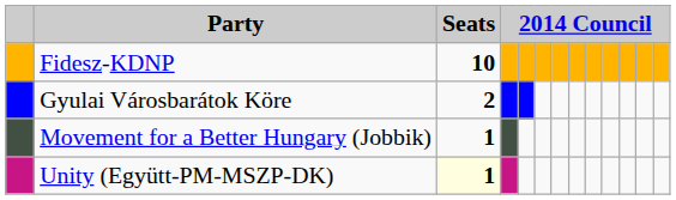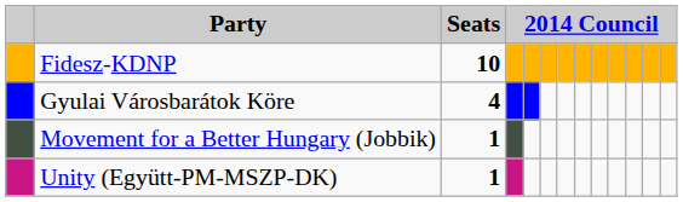 <table class="wikitable">
 <tr>
 <th style="background:#ccc">   </th>
 <th style="background:#ccc">Party</th>
 <th style="background:#ccc">Seats</th>
 <th style="background:#ccc" colspan="11"><a href='#'>2014 Council</a></th>
 </tr>
 <tr>
 <td style="background-color: #FFB400"> </td>
 <td><a href='#'>Fidesz</a>-<a href='#'>KDNP</a></td>
 <td style="text-align: right"><strong>10</strong></td>
 <td style="background-color: #FFB400"> </td>
 <td style="background-color: #FFB400"> </td>
 <td style="background-color: #FFB400"> </td>
 <td style="background-color: #FFB400"> </td>
 <td style="background-color: #FFB400"> </td>
 <td style="background-color: #FFB400"> </td>
 <td style="background-color: #FFB400"> </td>
 <td style="background-color: #FFB400"> </td>
 <td style="background-color: #FFB400"> </td>
 <td style="background-color: #FFB400"> </td>
 </tr>
 <tr>
 <td style="background-color: #0000FF"> </td>
 <td>Gyulai Városbarátok Köre</td>
-<td style="text-align: right"><strong>2</strong></td>
+<td style="text-align: right"><strong>4</strong></td>
 <td style="background-color: #0000FF"> </td>
 <td style="background-color: #0000FF"> </td>
 <td> </td>
 <td> </td>
 <td> </td>
 <td> </td>
 <td> </td>
 <td> </td>
 <td> </td>
 <td> </td>
 </tr>
 <tr>
 <td style="background-color: #425044"> </td>
 <td><a href='#'>Movement for a Better Hungary</a> (Jobbik)</td>
 <td style="text-align: right"><strong>1</strong></td>
 <td style="background-color: #425044"> </td>
 <td> </td>
 <td> </td>
 <td> </td>
 <td> </td>
 <td> </td>
 <td> </td>
 <td> </td>
 <td> </td>
 <td> </td>
 </tr>
 <tr>
 <td style="background-color: #C71585"> </td>
 <td><a href='#'>Unity</a> (Együtt-PM-MSZP-DK)</td>
-<td style="background: lightyellow; text-align: right"><strong>1</strong></td>
+<td style="text-align: right"><strong>1</strong></td>
 <td style="background-color: #C71585"> </td>
 <td> </td>
 <td> </td>
 <td> </td>
 <td> </td>
 <td> </td>
 <td> </td>
 <td> </td>
 <td> </td>
 <td> </td>
 </tr>
 </table>
